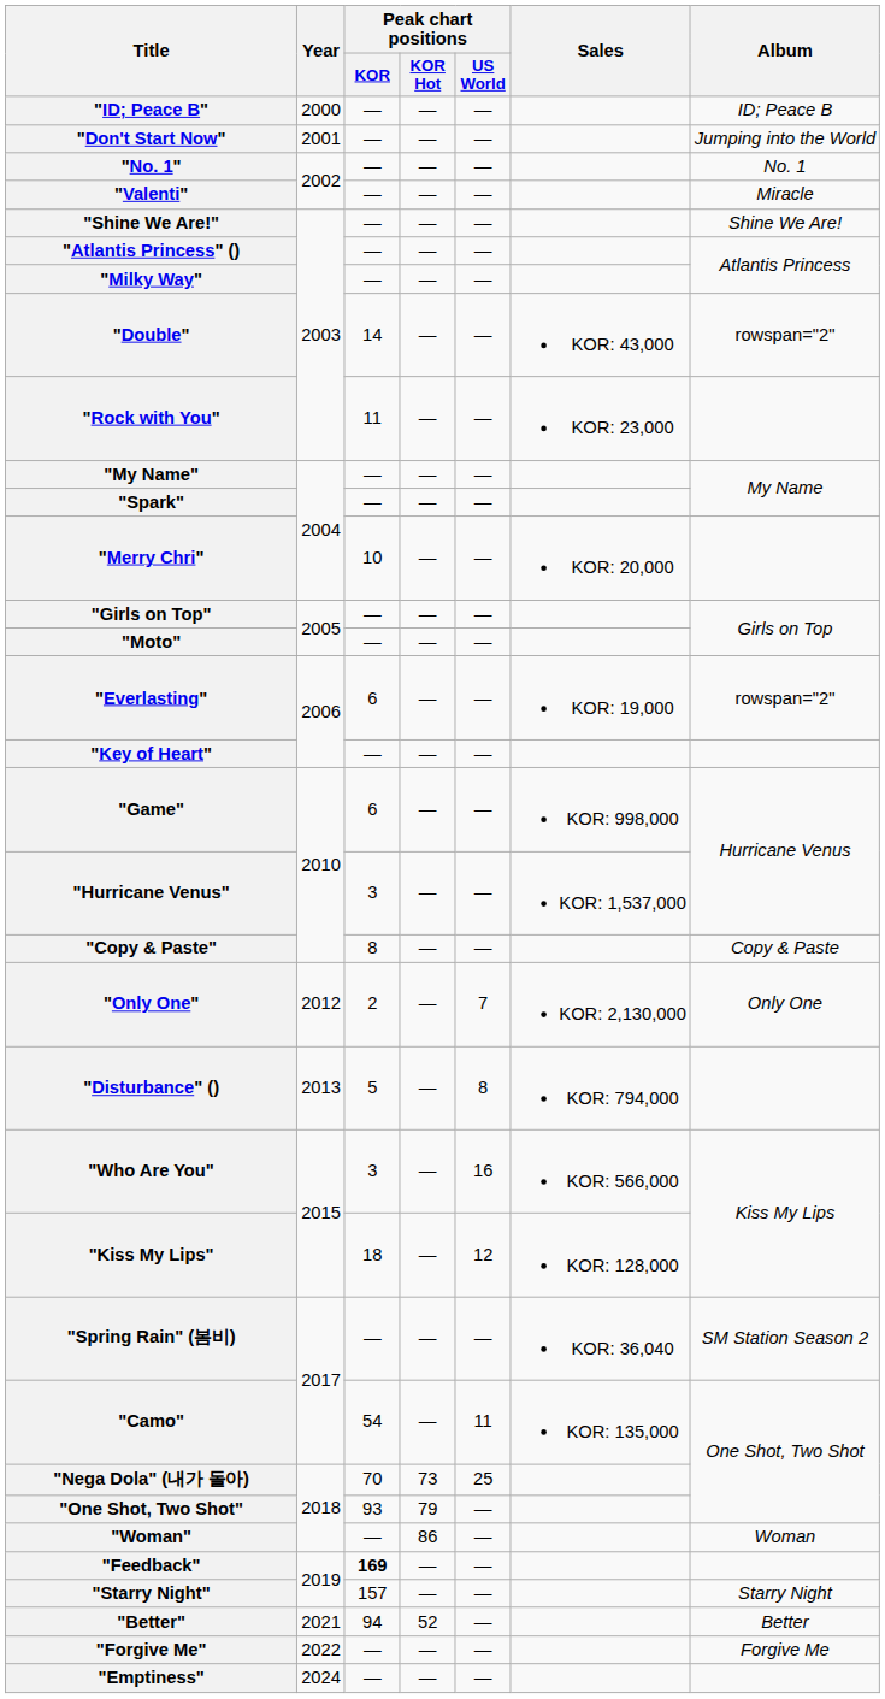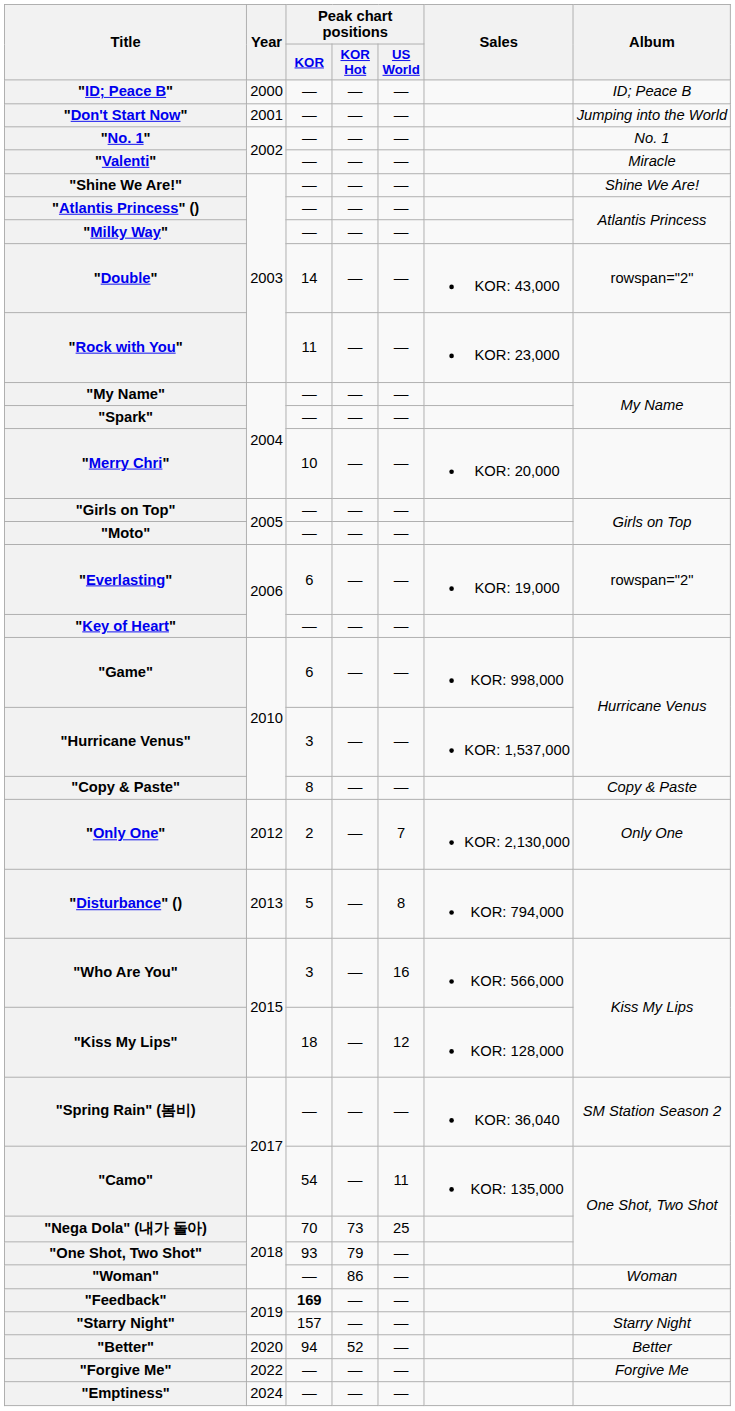 <table class="wikitable plainrowheaders" style="text-align:center;">
 <tr>
 <th rowspan="2" scope="col" style="width:16em;">Title</th>
 <th rowspan="2" scope="col">Year</th>
 <th colspan="3" scope="col">Peak chart positions</th>
 <th rowspan="2" scope="col">Sales</th>
 <th rowspan="2" scope="col">Album</th>
 </tr>
 <tr>
 <th style="width:3em;font-size:90%"><a href='#'>KOR</a><br></th>
 <th style="width:3em;font-size:90%"><a href='#'>KOR Hot</a><br></th>
 <th style="width:3em;font-size:90%"><a href='#'>US World</a><br></th>
 </tr>
 <tr>
 <th scope="row">"<a href='#'>ID; Peace B</a>"</th>
 <td>2000</td>
 <td>—</td>
 <td>—</td>
 <td>—</td>
 <td></td>
 <td rowspan="1"><em>ID; Peace B</em></td>
 </tr>
 <tr>
 <th scope="row">"<a href='#'>Don't Start Now</a>"</th>
 <td>2001</td>
 <td>—</td>
 <td>—</td>
 <td>—</td>
 <td></td>
 <td rowspan="1"><em>Jumping into the World</em></td>
 </tr>
 <tr>
 <th scope="row">"<a href='#'>No. 1</a>"</th>
 <td rowspan="2">2002</td>
 <td>—</td>
 <td>—</td>
 <td>—</td>
 <td></td>
 <td><em>No. 1</em></td>
 </tr>
 <tr>
 <th scope="row">"<a href='#'>Valenti</a>"</th>
 <td>—</td>
 <td>—</td>
 <td>—</td>
 <td></td>
 <td><em>Miracle</em></td>
 </tr>
 <tr>
 <th scope="row">"Shine We Are!"</th>
 <td rowspan="5">2003</td>
 <td>—</td>
 <td>—</td>
 <td>—</td>
 <td></td>
 <td><em>Shine We Are!</em></td>
 </tr>
 <tr>
 <th scope="row">"<a href='#'>Atlantis Princess</a>" ()</th>
 <td>—</td>
 <td>—</td>
 <td>—</td>
 <td></td>
 <td rowspan="2"><em>Atlantis Princess</em></td>
 </tr>
 <tr>
 <th scope="row">"<a href='#'>Milky Way</a>"</th>
 <td>—</td>
 <td>—</td>
 <td>—</td>
 <td></td>
 </tr>
 <tr>
 <th scope="row">"<a href='#'>Double</a>"</th>
 <td>14</td>
 <td>—</td>
 <td>—</td>
 <td><br><ul><li>KOR: 43,000 </li></ul></td>
 <td>rowspan="2" </td>
 </tr>
 <tr>
 <th scope="row">"<a href='#'>Rock with You</a>"</th>
 <td>11</td>
 <td>—</td>
 <td>—</td>
 <td><br><ul><li>KOR: 23,000 </li></ul></td>
 </tr>
 <tr>
 <th scope="row">"My Name"</th>
 <td rowspan="3">2004</td>
 <td>—</td>
 <td>—</td>
 <td>—</td>
 <td></td>
 <td rowspan="2"><em>My Name</em></td>
 </tr>
 <tr>
 <th scope="row">"Spark"</th>
 <td>—</td>
 <td>—</td>
 <td>—</td>
 <td></td>
 </tr>
 <tr>
 <th scope="row">"<a href='#'>Merry Chri</a>"</th>
 <td>10</td>
 <td>—</td>
 <td>—</td>
 <td><br><ul><li>KOR: 20,000 </li></ul></td>
 <td></td>
 </tr>
 <tr>
 <th scope="row">"Girls on Top"</th>
 <td rowspan="2">2005</td>
 <td>—</td>
 <td>—</td>
 <td>—</td>
 <td></td>
 <td rowspan="2"><em>Girls on Top</em></td>
 </tr>
 <tr>
 <th scope="row">"Moto"</th>
 <td>—</td>
 <td>—</td>
 <td>—</td>
 <td></td>
 </tr>
 <tr>
 <th scope="row">"<a href='#'>Everlasting</a>"</th>
 <td rowspan="2">2006</td>
 <td>6</td>
 <td>—</td>
 <td>—</td>
 <td><br><ul><li>KOR: 19,000 </li></ul></td>
 <td>rowspan="2" </td>
 </tr>
 <tr>
 <th scope="row">"<a href='#'>Key of Heart</a>"</th>
 <td>—</td>
 <td>—</td>
 <td>—</td>
 <td></td>
 </tr>
 <tr>
 <th scope="row">"Game"</th>
 <td rowspan="3">2010</td>
 <td>6</td>
 <td>—</td>
 <td>—</td>
 <td><br><ul><li>KOR: 998,000</li></ul></td>
 <td rowspan="2"><em>Hurricane Venus</em></td>
 </tr>
 <tr>
 <th scope="row">"Hurricane Venus"</th>
 <td>3</td>
 <td>—</td>
 <td>—</td>
 <td><br><ul><li>KOR: 1,537,000</li></ul></td>
 </tr>
 <tr>
 <th scope="row">"Copy & Paste"</th>
 <td>8</td>
 <td>—</td>
 <td>—</td>
 <td></td>
 <td><em>Copy & Paste</em></td>
 </tr>
 <tr>
 <th scope="row">"<a href='#'>Only One</a>"</th>
 <td>2012</td>
 <td>2</td>
 <td>—</td>
 <td>7</td>
 <td><br><ul><li>KOR: 2,130,000</li></ul></td>
 <td><em>Only One</em></td>
 </tr>
 <tr>
 <th scope="row">"<a href='#'>Disturbance</a>" ()</th>
 <td>2013</td>
 <td>5</td>
 <td>—</td>
 <td>8</td>
 <td><br><ul><li>KOR: 794,000</li></ul></td>
 <td></td>
 </tr>
 <tr>
 <th scope="row">"Who Are You" </th>
 <td rowspan="2">2015</td>
 <td>3</td>
 <td>—</td>
 <td>16</td>
 <td><br><ul><li>KOR: 566,000 </li></ul></td>
 <td rowspan="2"><em>Kiss My Lips</em></td>
 </tr>
 <tr>
 <th scope="row">"Kiss My Lips"</th>
 <td>18</td>
 <td>—</td>
 <td>12</td>
 <td><br><ul><li>KOR: 128,000</li></ul></td>
 </tr>
 <tr>
 <th scope="row">"Spring Rain" (봄비)</th>
 <td rowspan="2">2017</td>
 <td>—</td>
 <td>—</td>
 <td>—</td>
 <td><br><ul><li>KOR: 36,040</li></ul></td>
 <td><em>SM Station Season 2</em></td>
 </tr>
 <tr>
 <th scope="row">"Camo"</th>
 <td>54</td>
 <td>—</td>
 <td>11</td>
 <td><br><ul><li>KOR: 135,000</li></ul></td>
 <td rowspan="3"><em>One Shot, Two Shot</em></td>
 </tr>
 <tr>
 <th scope="row">"Nega Dola" (내가 돌아)</th>
 <td rowspan="3">2018</td>
 <td>70</td>
 <td>73</td>
 <td>25</td>
 <td></td>
 </tr>
 <tr>
 <th scope="row">"One Shot, Two Shot"</th>
 <td>93</td>
 <td>79</td>
 <td>—</td>
 <td></td>
 </tr>
 <tr>
 <th scope="row">"Woman"</th>
 <td>—</td>
 <td>86</td>
 <td>—</td>
 <td></td>
 <td><em>Woman</em></td>
 </tr>
 <tr>
 <th scope="row">"Feedback" </th>
 <td rowspan="2">2019</td>
 <td><strong>169</strong></td>
 <td>—</td>
 <td>—</td>
 <td></td>
 <td></td>
 </tr>
 <tr>
 <th scope="row">"Starry Night" </th>
 <td>157</td>
 <td>—</td>
 <td>—</td>
 <td></td>
 <td><em>Starry Night</em></td>
 </tr>
 <tr>
 <th scope="row">"Better"</th>
-<td>2021</td>
+<td>2020</td>
 <td>94</td>
 <td>52</td>
 <td>—</td>
 <td></td>
 <td><em>Better</em></td>
 </tr>
 <tr>
 <th scope="row">"Forgive Me"</th>
 <td>2022</td>
 <td>—</td>
 <td>—</td>
 <td>—</td>
 <td></td>
 <td><em>Forgive Me</em></td>
 </tr>
 <tr>
 <th scope="row">"Emptiness"</th>
 <td>2024</td>
 <td>—</td>
 <td>—</td>
 <td>—</td>
 <td></td>
 <td></td>
 </tr>
 </table>
